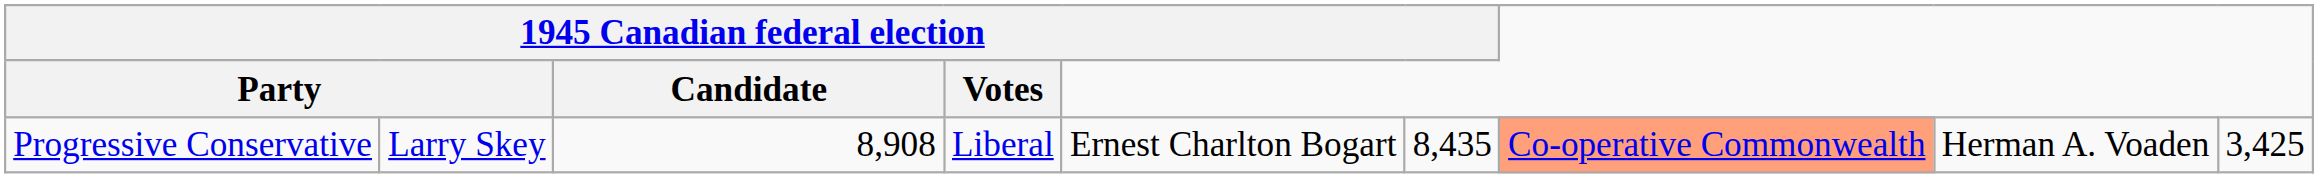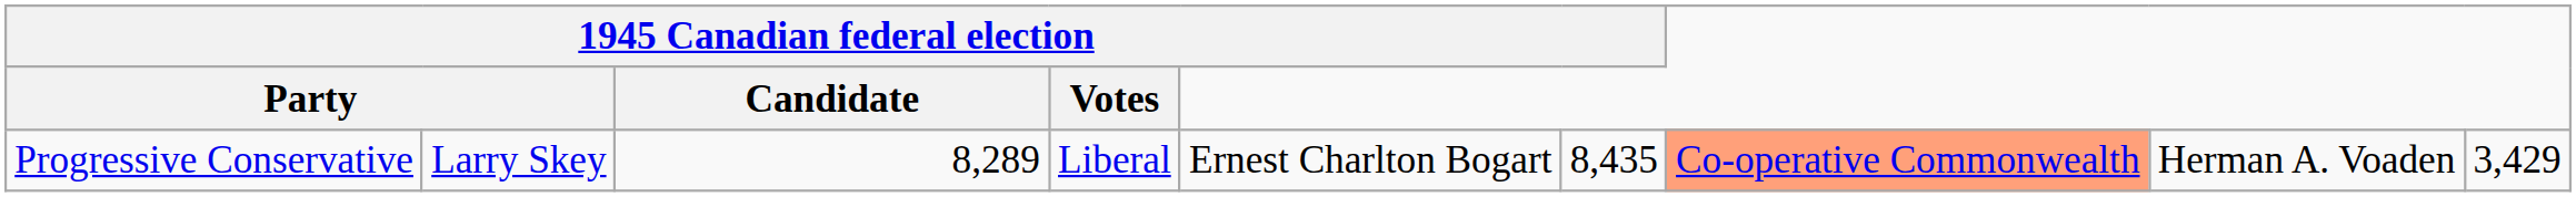 <table class="wikitable">
 <tr style="background:#e9e9e9;">
 <th colspan="6"><a href='#'>1945 Canadian federal election</a></th>
 </tr>
 <tr style="background:#e9e9e9;">
 <th colspan="2" style="width: 200px">Party</th>
 <th style="width: 170px">Candidate</th>
 <th style="width: 40px">Votes</th>
 </tr>
 <tr>
 <td><a href='#'>Progressive Conservative</a></td>
 <td><a href='#'>Larry Skey</a></td>
-<td align="right">8,908<br></td>
+<td align="right">8,289<br></td>
 <td><a href='#'>Liberal</a></td>
 <td>Ernest Charlton Bogart</td>
 <td align="right">8,435<br> </td>
 <td style="background: lightsalmon;"><a href='#'>Co-operative Commonwealth</a></td>
 <td>Herman A. Voaden</td>
-<td align="right">3,425</td>
+<td align="right">3,429</td>
 </tr>
 </table>
